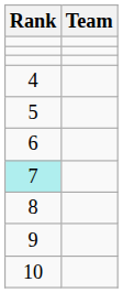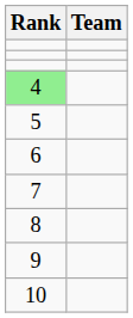 <table class=wikitable style="text-align:center">
 <tr>
 <th>Rank</th>
 <th>Team</th>
 </tr>
 <tr>
 <td></td>
 <td align=left></td>
 </tr>
 <tr>
 <td></td>
 <td align=left></td>
 </tr>
 <tr>
 <td></td>
 <td align=left></td>
 </tr>
 <tr>
-<td>4</td>
+<td style="background: lightgreen;">4</td>
 <td align=left></td>
 </tr>
 <tr>
 <td>5</td>
 <td align=left></td>
 </tr>
 <tr>
 <td>6</td>
 <td align=left></td>
 </tr>
 <tr>
-<td style="background: paleturquoise;">7</td>
+<td>7</td>
 <td align=left></td>
 </tr>
 <tr>
 <td>8</td>
 <td align=left></td>
 </tr>
 <tr>
 <td>9</td>
 <td align=left></td>
 </tr>
 <tr>
 <td>10</td>
 <td align=left></td>
 </tr>
 </table>
